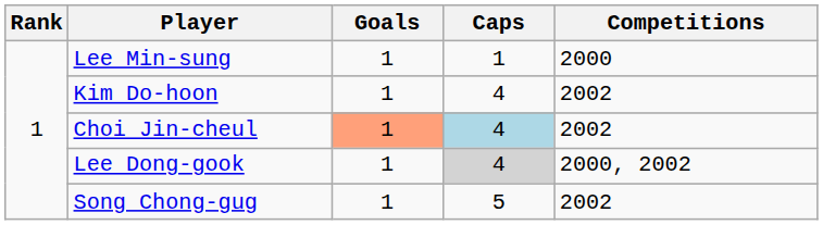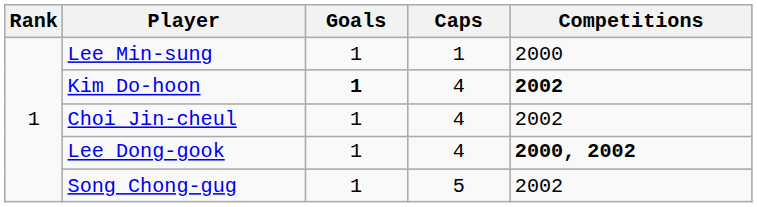 <table class="wikitable sortable" style="text-align: center;">
 <tr>
 <th width="30">Rank</th>
 <th width="150">Player</th>
 <th width="60">Goals</th>
 <th width="60">Caps</th>
 <th width="150">Competitions</th>
 </tr>
 <tr>
 <td rowspan="5">1</td>
 <td align=left><a href='#'>Lee Min-sung</a></td>
 <td>1</td>
 <td>1</td>
 <td align="left">2000</td>
 </tr>
 <tr>
 <td align=left><a href='#'>Kim Do-hoon</a></td>
+<td><strong>1</strong></td>
+<td>4</td>
+<td align="left"><strong>2002</strong></td>
+</tr>
+<tr>
+<td align=left><a href='#'>Choi Jin-cheul</a></td>
 <td>1</td>
 <td>4</td>
 <td align="left">2002</td>
 </tr>
 <tr>
-<td align=left><a href='#'>Choi Jin-cheul</a></td>
-<td style="background: lightsalmon;">1</td>
-<td style="background: lightblue;">4</td>
-<td align="left">2002</td>
-</tr>
-<tr>
 <td align=left><a href='#'>Lee Dong-gook</a></td>
 <td>1</td>
-<td style="background: lightgrey;">4</td>
-<td align="left">2000, 2002</td>
+<td>4</td>
+<td align="left"><strong>2000, 2002</strong></td>
 </tr>
 <tr>
 <td align=left><a href='#'>Song Chong-gug</a></td>
 <td>1</td>
 <td>5</td>
 <td align="left">2002</td>
 </tr>
 </table>
